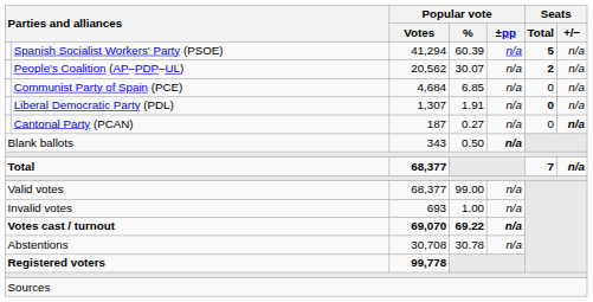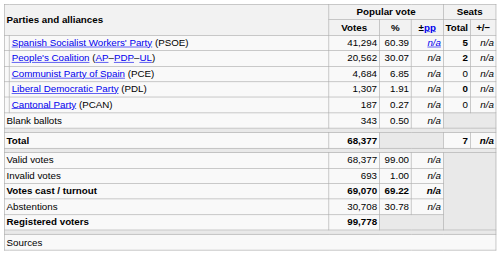 <table class="wikitable" style="text-align:right;">
 <tr>
 <th style="text-align:left;" rowspan="2" colspan="2" width="525">Parties and alliances</th>
 <th colspan="3">Popular vote</th>
 <th colspan="2">Seats</th>
 </tr>
 <tr>
 <th width="75">Votes</th>
 <th width="45">%</th>
 <th width="45">±<a href='#'>pp</a></th>
 <th width="35">Total</th>
 <th width="35">+/−</th>
 </tr>
 <tr>
 <td width="1" style="color:inherit;background:"></td>
 <td align="left"><a href='#'>Spanish Socialist Workers' Party</a> (PSOE)</td>
 <td>41,294</td>
 <td>60.39</td>
 <td><em><a href='#'>n/a</a></em></td>
 <td><strong>5</strong></td>
 <td><em>n/a</em></td>
 </tr>
 <tr>
 <td style="color:inherit;background:"></td>
 <td align="left"><a href='#'>People's Coalition</a> (<a href='#'>AP</a>–<a href='#'>PDP</a>–<a href='#'>UL</a>)</td>
 <td>20,562</td>
 <td>30.07</td>
 <td><em>n/a</em></td>
 <td><strong>2</strong></td>
 <td><em>n/a</em></td>
 </tr>
 <tr>
 <td style="color:inherit;background:"></td>
 <td align="left"><a href='#'>Communist Party of Spain</a> (PCE)</td>
 <td>4,684</td>
 <td>6.85</td>
 <td><em>n/a</em></td>
 <td>0</td>
 <td><em>n/a</em></td>
 </tr>
 <tr>
 <td style="color:inherit;background:"></td>
 <td align="left"><a href='#'>Liberal Democratic Party</a> (PDL)</td>
 <td>1,307</td>
 <td>1.91</td>
 <td><em>n/a</em></td>
 <td><strong>0</strong></td>
 <td><em>n/a</em></td>
 </tr>
 <tr>
 <td style="color:inherit;background:"></td>
 <td align="left"><a href='#'>Cantonal Party</a> (PCAN)</td>
 <td>187</td>
 <td>0.27</td>
 <td><em>n/a</em></td>
 <td>0</td>
-<td><strong><em>n/a</em></strong></td>
+<td><em>n/a</em></td>
 </tr>
 <tr>
 <td align="left" colspan="2">Blank ballots</td>
 <td>343</td>
 <td>0.50</td>
-<td><strong><em>n/a</em></strong></td>
+<td><em>n/a</em></td>
 <td bgcolor="#E9E9E9" colspan="2"></td>
 </tr>
 <tr>
 <td colspan="7" bgcolor="#E9E9E9"></td>
 </tr>
 <tr style="font-weight:bold;">
 <td align="left" colspan="2">Total</td>
 <td>68,377</td>
 <td bgcolor="#E9E9E9" colspan="2"></td>
 <td>7</td>
 <td><em>n/a</em></td>
 </tr>
 <tr>
 <td colspan="7" bgcolor="#E9E9E9"></td>
 </tr>
 <tr>
 <td align="left" colspan="2">Valid votes</td>
 <td>68,377</td>
 <td>99.00</td>
 <td><em>n/a</em></td>
 <td bgcolor="#E9E9E9" colspan="2" rowspan="5"></td>
 </tr>
 <tr>
 <td align="left" colspan="2">Invalid votes</td>
 <td>693</td>
 <td>1.00</td>
 <td><em>n/a</em></td>
 </tr>
 <tr style="font-weight:bold;">
 <td align="left" colspan="2">Votes cast / turnout</td>
 <td>69,070</td>
 <td>69.22</td>
 <td><em>n/a</em></td>
 </tr>
 <tr>
 <td align="left" colspan="2">Abstentions</td>
 <td>30,708</td>
 <td>30.78</td>
 <td><em>n/a</em></td>
 </tr>
 <tr style="font-weight:bold;">
 <td align="left" colspan="2">Registered voters</td>
 <td>99,778</td>
 <td bgcolor="#E9E9E9" colspan="2"></td>
 </tr>
 <tr>
 <td colspan="7" bgcolor="#E9E9E9"></td>
 </tr>
 <tr>
 <td align="left" colspan="7">Sources</td>
 </tr>
 </table>
